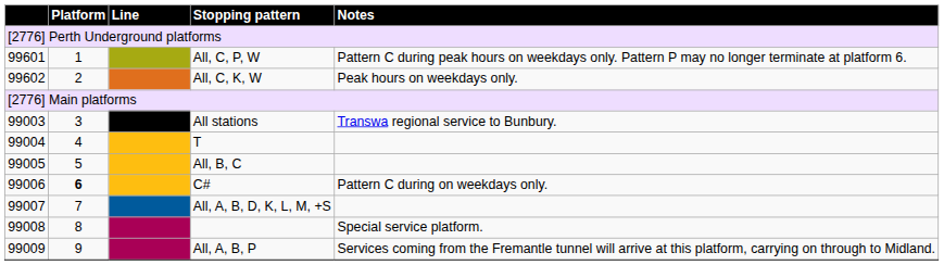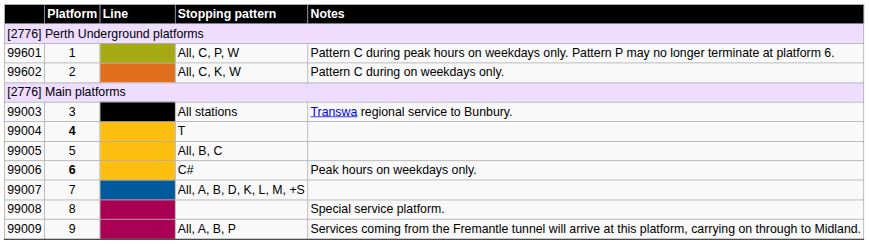 <table class="wikitable" style="float: none; margin-center: 1em; margin-bottom: 0.5em; border: black solid 1px; text-align:center;">
 <tr style="color:#FFFFFF;">
 <th style="background:#000000; text-align:left;"></th>
 <th style="background:#000000; text-align:left;">Platform</th>
 <th style="background:#000000; text-align:left; width:90px;">Line</th>
 <th style="background:#000000; text-align:left;">Stopping pattern</th>
 <th style="background:#000000; text-align:left;">Notes</th>
 </tr>
 <tr>
 <td colspan="5" style="background:#EDF; text-align:left;">[2776] Perth Underground platforms</td>
 </tr>
 <tr>
 <td>99601</td>
 <td>1</td>
 <td style="color:white; background:#A6AA12;"><strong><a href='#'></a></strong></td>
 <td style="text-align:left;">All, C, P, W</td>
 <td style="text-align:left;">Pattern C during peak hours on weekdays only. Pattern P may no longer terminate at platform 6.</td>
 </tr>
 <tr>
 <td>99602</td>
 <td>2</td>
 <td style="color:white; background:#E06F1D;"><strong><a href='#'></a></strong></td>
 <td style="text-align:left;">All, C, K, W</td>
-<td style="text-align:left;">Peak hours on weekdays only.</td>
+<td style="text-align:left;">Pattern C during on weekdays only.</td>
 </tr>
 <tr>
 <td colspan="5" style="background:#EDF; text-align:left;">[2776] Main platforms</td>
 </tr>
 <tr>
 <td>99003</td>
 <td>3</td>
 <td style="color:#E0730E; background:#000000;"><strong><a href='#'></a></strong></td>
 <td style="text-align:left;">All stations</td>
 <td style="text-align:left;"><a href='#'>Transwa</a> regional service to Bunbury.</td>
 </tr>
 <tr>
 <td>99004</td>
-<td>4</td>
+<td><strong>4</strong></td>
 <td style="color:black; background:#FEBE10;"><strong><a href='#'></a></strong></td>
 <td style="text-align:left;">T</td>
 <td></td>
 </tr>
 <tr>
 <td>99005</td>
 <td>5</td>
 <td style="color:black; background:#FEBE10;"><strong><a href='#'></a></strong></td>
 <td style="text-align:left;">All, B, C</td>
 <td></td>
 </tr>
 <tr>
 <td>99006</td>
 <td><strong>6</strong></td>
 <td style="color:black; background:#FEBE10;"><strong><a href='#'></a></strong></td>
 <td style="text-align:left;">C#</td>
-<td style="text-align:left;">Pattern C during on weekdays only.</td>
+<td style="text-align:left;">Peak hours on weekdays only.</td>
 </tr>
 <tr>
 <td>99007</td>
 <td>7</td>
 <td style="color:white; background:#005A9C;"><strong><a href='#'></a></strong></td>
 <td style="text-align:left;">All, A, B, D, K, L, M, +S</td>
 <td style="text-align:left;"></td>
 </tr>
 <tr>
 <td>99008</td>
 <td>8</td>
 <td style="color:white; background:#A90056;"><strong><a href='#'></a></strong></td>
 <td></td>
 <td style="text-align:left;">Special service platform.</td>
 </tr>
 <tr>
 <td>99009</td>
 <td>9</td>
 <td style="color:white; background:#A90056;"><strong><a href='#'></a></strong></td>
 <td style="text-align:left;">All, A, B, P</td>
 <td style="text-align:left;">Services coming from the Fremantle tunnel will arrive at this platform, carrying on through to Midland.</td>
 </tr>
 <tr>
 </tr>
 </table>
